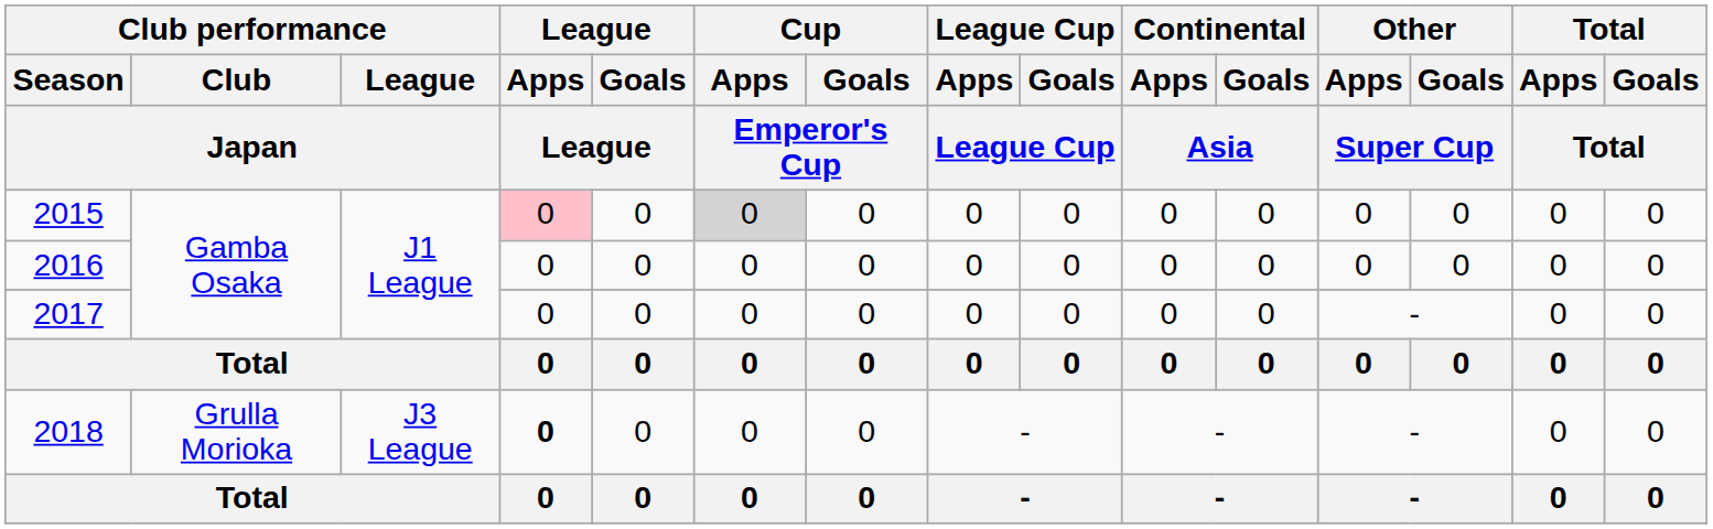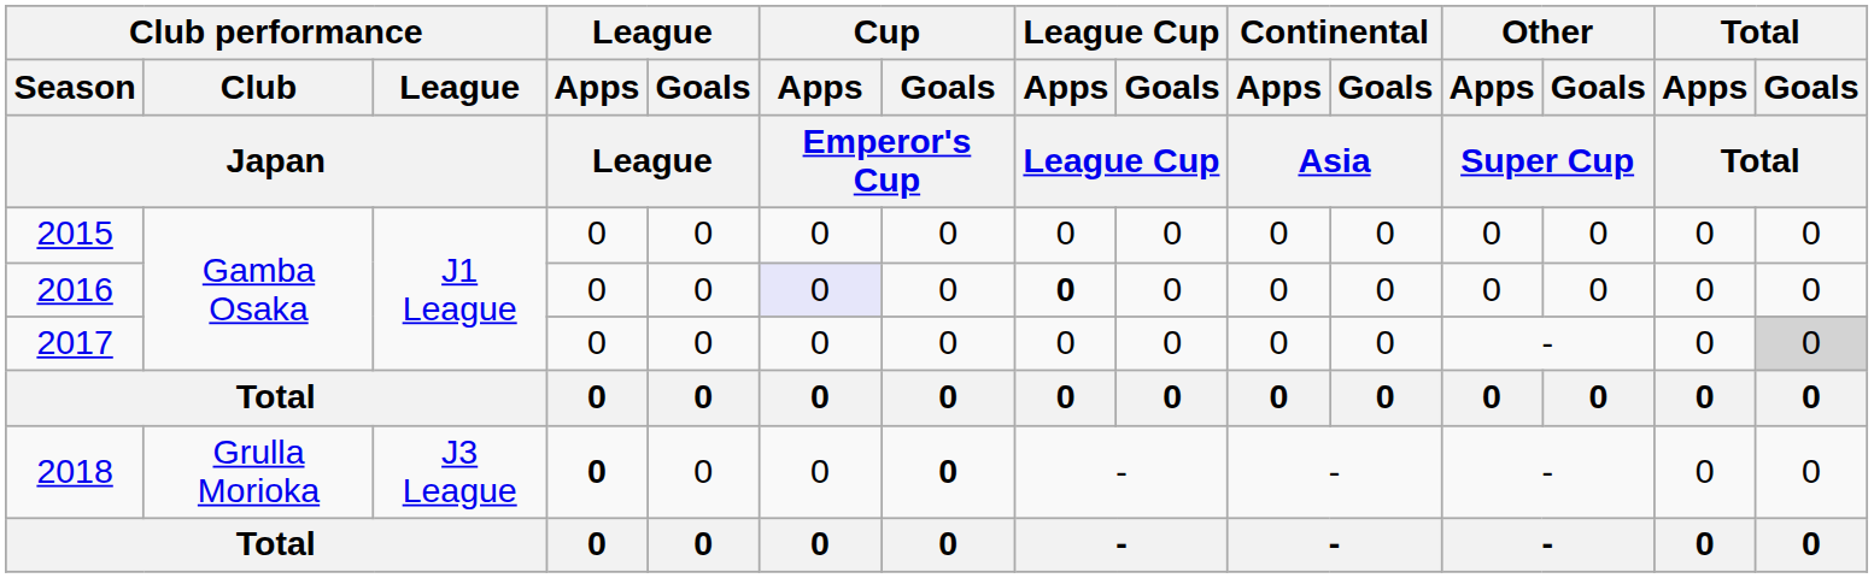 <table class="wikitable" style="text-align:center">
 <tr>
 <th colspan=3>Club performance</th>
 <th colspan=2>League</th>
 <th colspan=2>Cup</th>
 <th colspan=2>League Cup</th>
 <th colspan=2>Continental</th>
 <th colspan=2>Other</th>
 <th colspan=2>Total</th>
 </tr>
 <tr>
 <th>Season</th>
 <th>Club</th>
 <th>League</th>
 <th>Apps</th>
 <th>Goals</th>
 <th>Apps</th>
 <th>Goals</th>
 <th>Apps</th>
 <th>Goals</th>
 <th>Apps</th>
 <th>Goals</th>
 <th>Apps</th>
 <th>Goals</th>
 <th>Apps</th>
 <th>Goals</th>
 </tr>
 <tr>
 <th colspan=3>Japan</th>
 <th colspan=2>League</th>
 <th colspan=2><a href='#'>Emperor's Cup</a></th>
 <th colspan=2><a href='#'>League Cup</a></th>
 <th colspan=2><a href='#'>Asia</a></th>
 <th colspan=2><a href='#'>Super Cup</a></th>
 <th colspan=2>Total</th>
 </tr>
 <tr>
 <td><a href='#'>2015</a></td>
 <td rowspan="3"><a href='#'>Gamba Osaka</a></td>
 <td rowspan="3"><a href='#'>J1 League</a></td>
-<td style="background: pink;">0</td>
 <td>0</td>
-<td style="background: lightgrey;">0</td>
+<td>0</td>
+<td>0</td>
 <td>0</td>
 <td>0</td>
 <td>0</td>
 <td>0</td>
 <td>0</td>
 <td>0</td>
 <td>0</td>
 <td>0</td>
 <td>0</td>
 </tr>
 <tr>
 <td><a href='#'>2016</a></td>
 <td>0</td>
 <td>0</td>
+<td style="background: lavender;">0</td>
 <td>0</td>
-<td>0</td>
-<td>0</td>
+<td><strong>0</strong></td>
 <td>0</td>
 <td>0</td>
 <td>0</td>
 <td>0</td>
 <td>0</td>
 <td>0</td>
 <td>0</td>
 </tr>
 <tr>
 <td><a href='#'>2017</a></td>
 <td>0</td>
 <td>0</td>
 <td>0</td>
 <td>0</td>
 <td>0</td>
 <td>0</td>
 <td>0</td>
 <td>0</td>
 <td colspan="2">-</td>
 <td>0</td>
-<td>0</td>
+<td style="background: lightgrey;">0</td>
 </tr>
 <tr>
 <th colspan=3>Total</th>
 <th>0</th>
 <th>0</th>
 <th>0</th>
 <th>0</th>
 <th>0</th>
 <th>0</th>
 <th>0</th>
 <th>0</th>
 <th>0</th>
 <th>0</th>
 <th>0</th>
 <th>0</th>
 </tr>
 <tr>
 <td><a href='#'>2018</a></td>
 <td rowspan="1"><a href='#'>Grulla Morioka</a></td>
 <td rowspan="1"><a href='#'>J3 League</a></td>
 <td><strong>0</strong></td>
 <td>0</td>
 <td>0</td>
-<td>0</td>
+<td><strong>0</strong></td>
 <td colspan="2">-</td>
 <td colspan="2">-</td>
 <td colspan="2">-</td>
 <td>0</td>
 <td>0</td>
 </tr>
 <tr>
 <th colspan=3>Total</th>
 <th>0</th>
 <th>0</th>
 <th>0</th>
 <th>0</th>
 <th colspan="2">-</th>
 <th colspan="2">-</th>
 <th colspan="2">-</th>
 <th>0</th>
 <th>0</th>
 </tr>
 </table>
